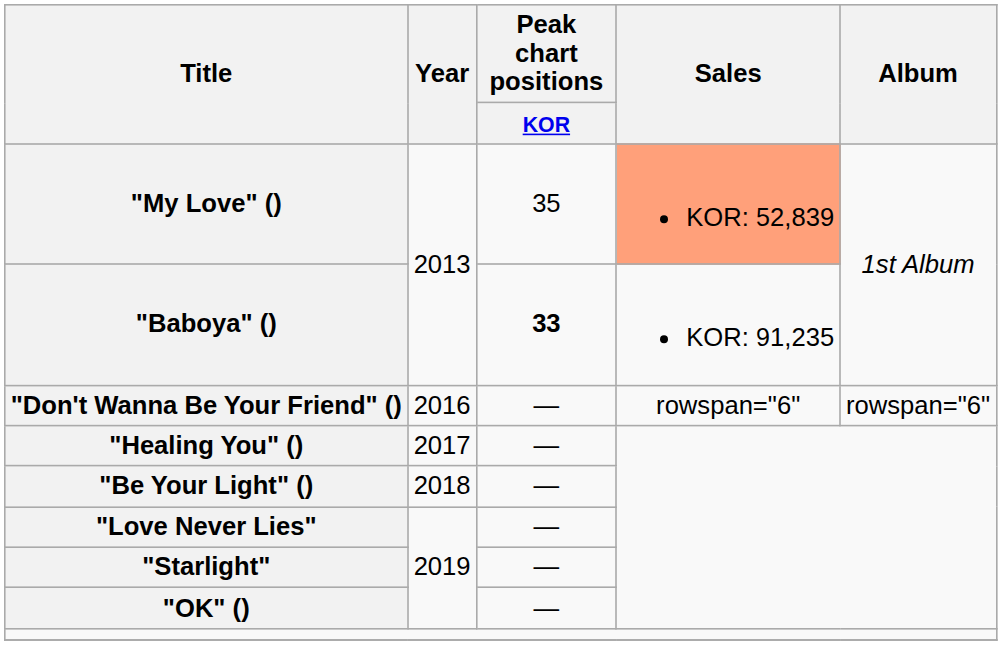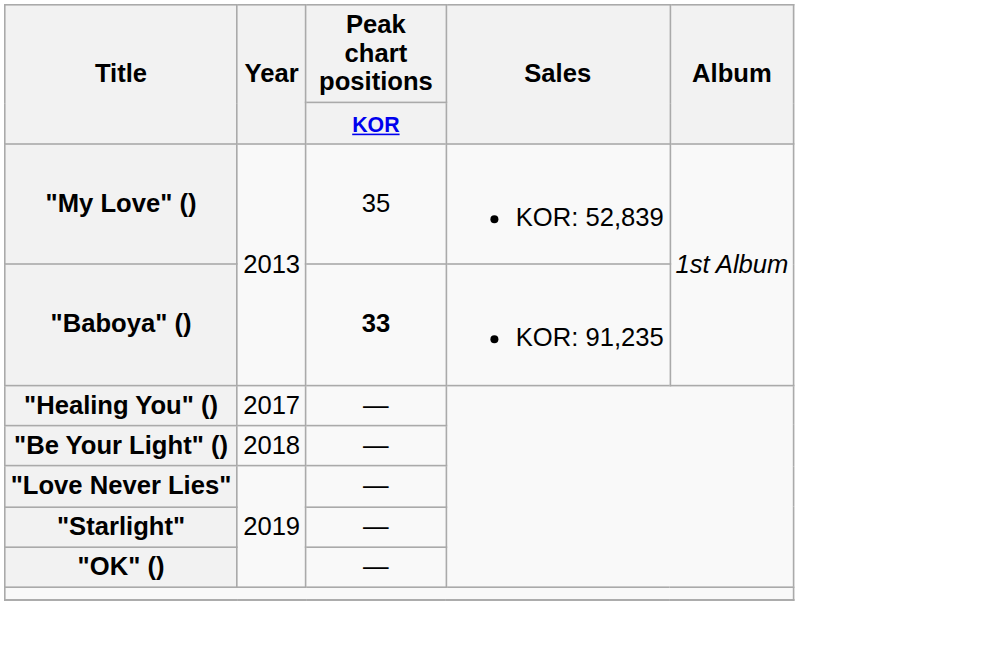 <table class="wikitable plainrowheaders" style="text-align:center">
 <tr>
 <th rowspan="2" scope="col">Title</th>
 <th rowspan="2" scope="col">Year</th>
 <th colspan="1" scope="col" style="width:5em;">Peak chart positions</th>
 <th rowspan="2" scope="col">Sales</th>
 <th rowspan="2" scope="col">Album</th>
 </tr>
 <tr>
 <th><small><a href='#'>KOR</a></small><br></th>
 </tr>
 <tr>
 <th scope="row">"My Love" ()</th>
 <td rowspan="2">2013</td>
 <td>35</td>
-<td style="background: lightsalmon;"><br><ul><li>KOR: 52,839</li></ul></td>
+<td><br><ul><li>KOR: 52,839</li></ul></td>
 <td rowspan="2"><em>1st Album</em></td>
 </tr>
 <tr>
 <th scope="row">"Baboya" ()</th>
 <td><strong>33</strong></td>
 <td><br><ul><li>KOR: 91,235</li></ul></td>
-</tr>
-<tr>
-<th scope="row">"Don't Wanna Be Your Friend" ()</th>
-<td>2016</td>
-<td>—</td>
-<td>rowspan="6" </td>
-<td>rowspan="6" </td>
 </tr>
 <tr>
 <th scope="row">"Healing You" ()</th>
 <td>2017</td>
 <td>—</td>
 </tr>
 <tr>
 <th scope="row">"Be Your Light" ()</th>
 <td>2018</td>
 <td>—</td>
 </tr>
 <tr>
 <th scope="row">"Love Never Lies"</th>
 <td rowspan="3">2019</td>
 <td>—</td>
 </tr>
 <tr>
 <th scope="row">"Starlight"</th>
 <td>—</td>
 </tr>
 <tr>
 <th scope="row">"OK" ()<br></th>
 <td>—</td>
 </tr>
 <tr>
 <td colspan="5"></td>
 </tr>
 <tr>
 </tr>
 </table>
